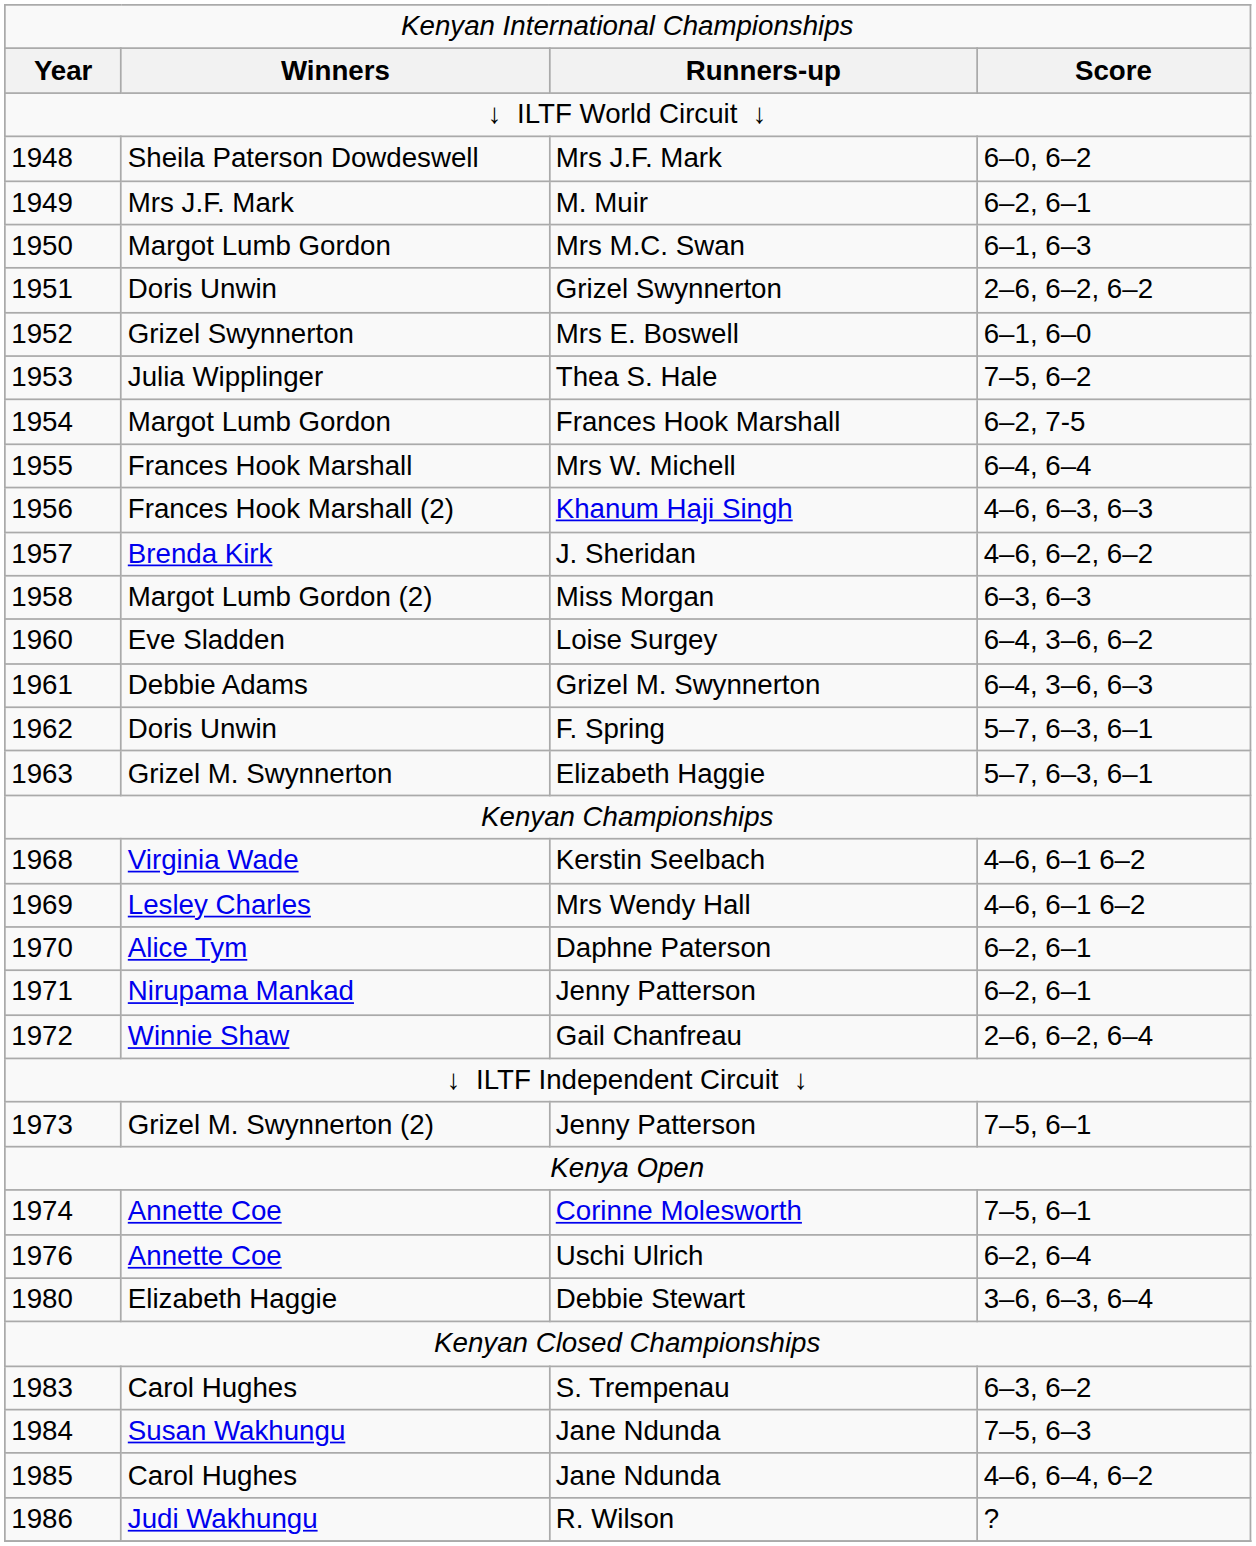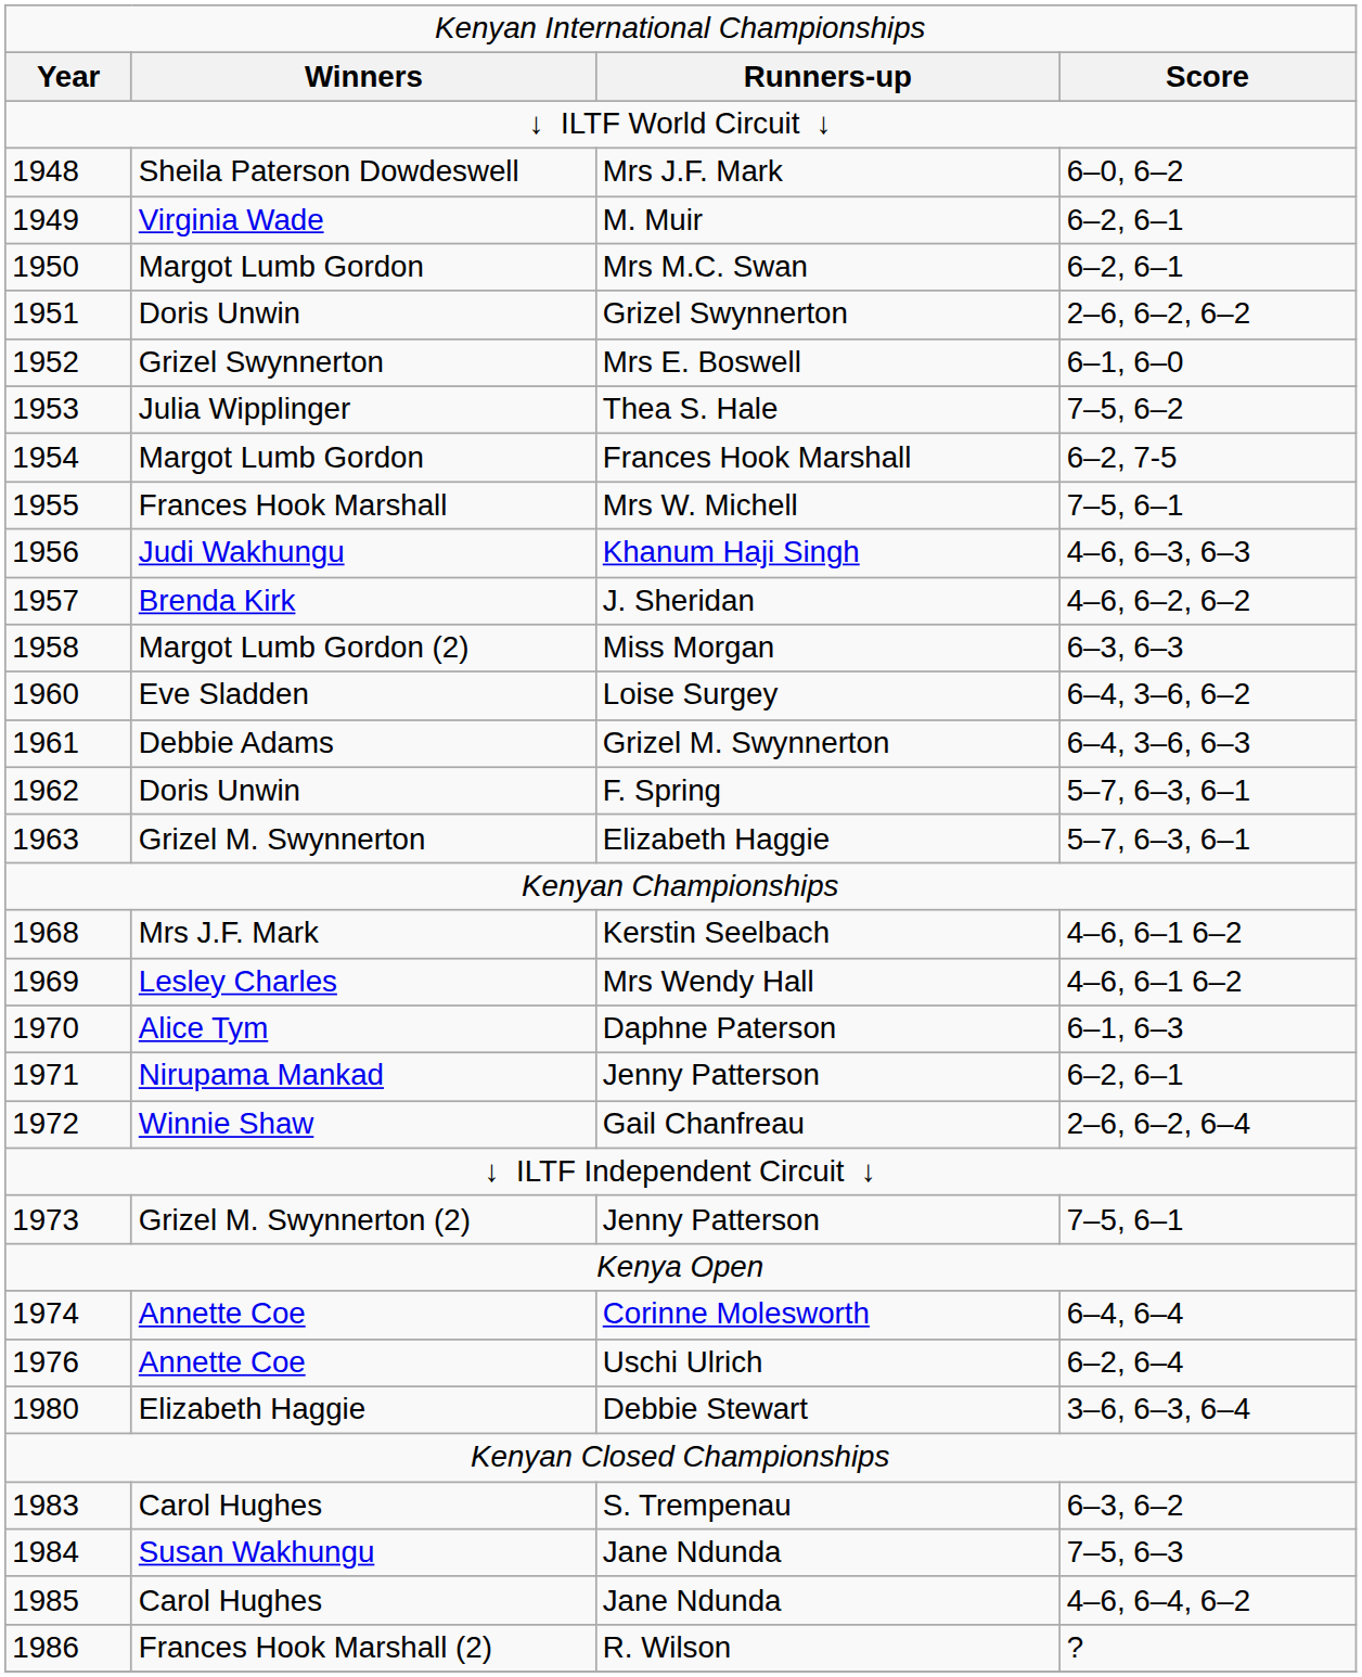 <table class="wikitable sortable">
 <tr>
 <td colspan=4 align=center><em>Kenyan International Championships</em></td>
 </tr>
 <tr>
 <th style="width:60px">Year</th>
 <th style="width:240px">Winners</th>
 <th style="width:240px">Runners-up</th>
 <th style="width:150px" class="unsortable">Score</th>
 </tr>
 <tr>
 <td colspan=4 align=center>↓  ILTF World Circuit  ↓</td>
 </tr>
 <tr>
 <td>1948</td>
 <td> Sheila Paterson Dowdeswell</td>
 <td> Mrs J.F. Mark</td>
 <td>6–0, 6–2</td>
 </tr>
 <tr>
 <td>1949</td>
-<td> Mrs J.F. Mark</td>
+<td> <a href='#'>Virginia Wade</a></td>
 <td>  M. Muir</td>
 <td>6–2, 6–1</td>
 </tr>
 <tr>
 <td>1950</td>
 <td>  Margot Lumb Gordon</td>
 <td> Mrs M.C. Swan</td>
-<td>6–1, 6–3</td>
+<td>6–2, 6–1</td>
 </tr>
 <tr>
 <td>1951</td>
 <td>  Doris Unwin</td>
 <td> Grizel Swynnerton</td>
 <td>2–6, 6–2, 6–2</td>
 </tr>
 <tr>
 <td>1952</td>
 <td> Grizel Swynnerton</td>
 <td> Mrs E. Boswell</td>
 <td>6–1, 6–0</td>
 </tr>
 <tr>
 <td>1953</td>
 <td> Julia Wipplinger</td>
 <td> Thea S. Hale</td>
 <td>7–5, 6–2</td>
 </tr>
 <tr>
 <td>1954</td>
 <td> Margot Lumb Gordon</td>
 <td> Frances Hook Marshall</td>
 <td>6–2, 7-5</td>
 </tr>
 <tr>
 <td>1955</td>
 <td> Frances Hook Marshall</td>
 <td> Mrs W. Michell</td>
-<td>6–4, 6–4</td>
+<td>7–5, 6–1</td>
 </tr>
 <tr>
 <td>1956</td>
-<td> Frances Hook Marshall (2)</td>
+<td> <a href='#'>Judi Wakhungu</a></td>
 <td> <a href='#'>Khanum Haji Singh</a></td>
 <td>4–6, 6–3, 6–3</td>
 </tr>
 <tr>
 <td>1957</td>
 <td> <a href='#'>Brenda Kirk</a></td>
 <td> J. Sheridan</td>
 <td>4–6, 6–2, 6–2</td>
 </tr>
 <tr>
 <td>1958</td>
 <td> Margot Lumb Gordon (2)</td>
 <td> Miss Morgan</td>
 <td>6–3, 6–3</td>
 </tr>
 <tr>
 <td>1960</td>
 <td> Eve Sladden</td>
 <td> Loise Surgey</td>
 <td>6–4, 3–6, 6–2</td>
 </tr>
 <tr>
 <td>1961</td>
 <td> Debbie Adams</td>
 <td> Grizel M. Swynnerton</td>
 <td>6–4, 3–6, 6–3</td>
 </tr>
 <tr>
 <td>1962</td>
 <td> Doris Unwin</td>
 <td> F. Spring</td>
 <td>5–7, 6–3, 6–1</td>
 </tr>
 <tr>
 <td>1963</td>
 <td> Grizel M. Swynnerton</td>
 <td> Elizabeth Haggie</td>
 <td>5–7, 6–3, 6–1</td>
 </tr>
 <tr>
 <td colspan=4 align=center><em>Kenyan Championships</em></td>
 </tr>
 <tr>
 <td>1968</td>
-<td> <a href='#'>Virginia Wade</a></td>
+<td> Mrs J.F. Mark</td>
 <td> Kerstin Seelbach</td>
 <td>4–6, 6–1 6–2</td>
 </tr>
 <tr>
 <td>1969</td>
 <td> <a href='#'>Lesley Charles</a></td>
 <td> Mrs Wendy Hall</td>
 <td>4–6, 6–1 6–2</td>
 </tr>
 <tr>
 <td>1970</td>
 <td> <a href='#'>Alice Tym</a></td>
 <td> Daphne Paterson</td>
-<td>6–2, 6–1</td>
+<td>6–1, 6–3</td>
 </tr>
 <tr>
 <td>1971</td>
 <td> <a href='#'>Nirupama Mankad</a></td>
 <td> Jenny Patterson</td>
 <td>6–2, 6–1</td>
 </tr>
 <tr>
 <td>1972</td>
 <td> <a href='#'>Winnie Shaw</a></td>
 <td> Gail Chanfreau</td>
 <td>2–6, 6–2, 6–4</td>
 </tr>
 <tr>
 <td colspan=4 align=center>↓  ILTF Independent Circuit  ↓</td>
 </tr>
 <tr>
 <td>1973</td>
 <td> Grizel M. Swynnerton (2)</td>
 <td> Jenny Patterson</td>
 <td>7–5, 6–1</td>
 </tr>
 <tr>
 <td colspan=4 align=center><em>Kenya Open</em></td>
 </tr>
 <tr>
 <td>1974</td>
 <td> <a href='#'>Annette Coe</a></td>
 <td> <a href='#'>Corinne Molesworth</a></td>
-<td>7–5, 6–1</td>
+<td>6–4, 6–4</td>
 </tr>
 <tr>
 <td>1976</td>
 <td> <a href='#'>Annette Coe</a></td>
 <td> Uschi Ulrich</td>
 <td>6–2, 6–4</td>
 </tr>
 <tr>
 <td>1980</td>
 <td> Elizabeth Haggie</td>
 <td> Debbie Stewart</td>
 <td>3–6, 6–3, 6–4</td>
 </tr>
 <tr>
 <td colspan=4 align=center><em>Kenyan Closed Championships</em></td>
 </tr>
 <tr>
 <td>1983</td>
 <td> Carol Hughes</td>
 <td> S. Trempenau</td>
 <td>6–3, 6–2</td>
 </tr>
 <tr>
 <td>1984</td>
 <td> <a href='#'>Susan Wakhungu</a></td>
 <td> Jane Ndunda</td>
 <td>7–5, 6–3</td>
 </tr>
 <tr>
 <td>1985</td>
 <td> Carol Hughes</td>
 <td> Jane Ndunda</td>
 <td>4–6, 6–4, 6–2</td>
 </tr>
 <tr>
 <td>1986</td>
-<td> <a href='#'>Judi Wakhungu</a></td>
+<td> Frances Hook Marshall (2)</td>
 <td> R. Wilson</td>
 <td>?</td>
 </tr>
 <tr>
 </tr>
 </table>
